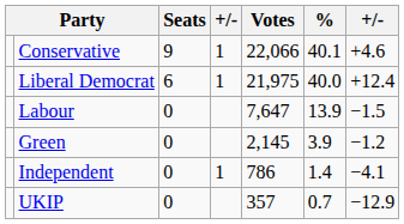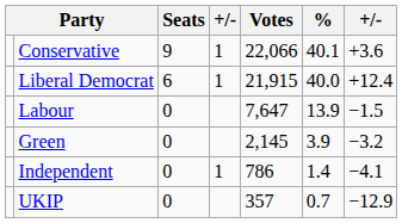 <table class="wikitable">
 <tr>
 <th colspan="2">Party</th>
 <th>Seats</th>
 <th>+/-</th>
 <th>Votes</th>
 <th>%</th>
 <th>+/-</th>
 </tr>
 <tr>
 <td style="background-color: "></td>
 <td><a href='#'>Conservative</a></td>
 <td>9</td>
 <td> 1</td>
 <td>22,066</td>
 <td>40.1</td>
-<td><span>+4.6</span></td>
+<td><span>+3.6</span></td>
 </tr>
 <tr>
 <td style="background-color: "></td>
 <td><a href='#'>Liberal Democrat</a></td>
 <td>6</td>
 <td> 1</td>
-<td>21,975</td>
+<td>21,915</td>
 <td>40.0</td>
 <td><span>+12.4</span></td>
 </tr>
 <tr>
 <td style="background-color: "></td>
 <td><a href='#'>Labour</a></td>
 <td>0</td>
 <td></td>
 <td>7,647</td>
 <td>13.9</td>
 <td><span>−1.5</span></td>
 </tr>
 <tr>
 <td style="background-color: "></td>
 <td><a href='#'>Green</a></td>
 <td>0</td>
 <td></td>
 <td>2,145</td>
 <td>3.9</td>
-<td><span>−1.2</span></td>
+<td><span>−3.2</span></td>
 </tr>
 <tr>
 <td style="background-color: "></td>
 <td><a href='#'>Independent</a></td>
 <td>0</td>
 <td> 1</td>
 <td>786</td>
 <td>1.4</td>
 <td><span>−4.1</span></td>
 </tr>
 <tr>
 <td style="background-color: "></td>
 <td><a href='#'>UKIP</a></td>
 <td>0</td>
 <td></td>
 <td>357</td>
 <td>0.7</td>
 <td><span>−12.9</span></td>
 </tr>
 </table>
